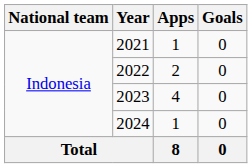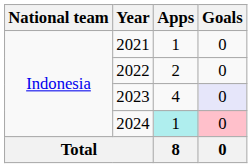 <table class="wikitable" style="text-align:center">
 <tr>
 <th>National team</th>
 <th>Year</th>
 <th>Apps</th>
 <th>Goals</th>
 </tr>
 <tr>
 <td rowspan=4><a href='#'>Indonesia</a></td>
 <td>2021</td>
 <td>1</td>
 <td>0</td>
 </tr>
 <tr>
 <td>2022</td>
 <td>2</td>
 <td>0</td>
 </tr>
 <tr>
 <td>2023</td>
 <td>4</td>
-<td>0</td>
+<td style="background: lavender;">0</td>
 </tr>
 <tr>
 <td>2024</td>
-<td>1</td>
-<td>0</td>
+<td style="background: paleturquoise;">1</td>
+<td style="background: pink;">0</td>
 </tr>
 <tr>
 <th colspan=2>Total</th>
 <th>8</th>
 <th>0</th>
 </tr>
 </table>
